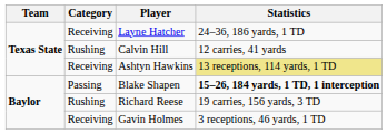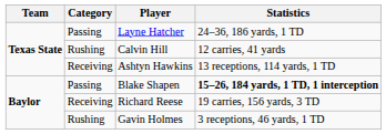 <table class="wikitable" style="float: right;">
 <tr>
 <th>Team</th>
 <th>Category</th>
 <th>Player</th>
 <th>Statistics</th>
 </tr>
 <tr>
 <td rowspan=3><strong>Texas State</strong></td>
-<td>Receiving</td>
+<td>Passing</td>
 <td><a href='#'>Layne Hatcher</a></td>
 <td>24–36, 186 yards, 1 TD</td>
 </tr>
 <tr>
 <td>Rushing</td>
 <td>Calvin Hill</td>
 <td>12 carries, 41 yards</td>
 </tr>
 <tr>
 <td>Receiving</td>
 <td>Ashtyn Hawkins</td>
-<td style="background: khaki;">13 receptions, 114 yards, 1 TD</td>
+<td>13 receptions, 114 yards, 1 TD</td>
 </tr>
 <tr>
 <td rowspan=3><strong>Baylor</strong></td>
 <td>Passing</td>
 <td>Blake Shapen</td>
 <td><strong>15–26, 184 yards, 1 TD, 1 interception</strong></td>
 </tr>
 <tr>
-<td>Rushing</td>
+<td>Receiving</td>
 <td>Richard Reese</td>
 <td>19 carries, 156 yards, 3 TD</td>
 </tr>
 <tr>
-<td>Receiving</td>
+<td>Rushing</td>
 <td>Gavin Holmes</td>
 <td>3 receptions, 46 yards, 1 TD</td>
 </tr>
 </table>
